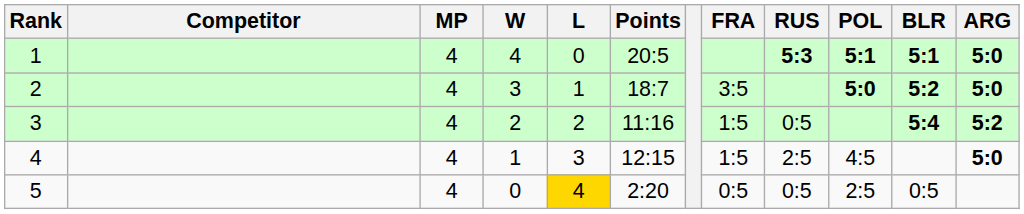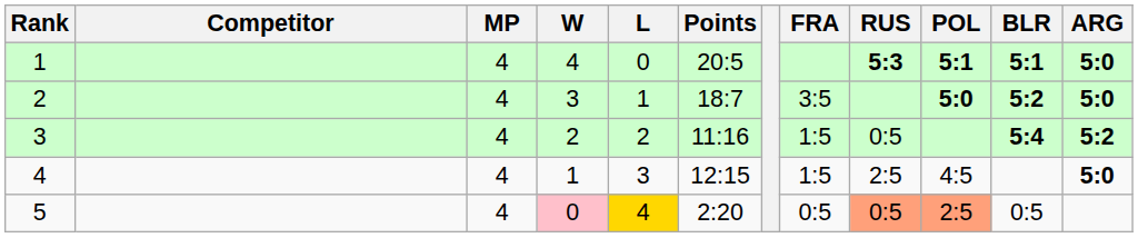 <table class="wikitable" style="text-align:center">
 <tr>
 <th>Rank</th>
 <th style="width:16em">Competitor</th>
 <th style="width:2.5em">MP</th>
 <th style="width:2.5em">W</th>
 <th style="width:2.5em">L</th>
 <th>Points</th>
 <th rowspan="6"> </th>
 <th style="width:2.5em">FRA</th>
 <th style="width:2.5em">RUS</th>
 <th style="width:2.5em">POL</th>
 <th style="width:2.5em">BLR</th>
 <th style="width:2.5em">ARG</th>
 </tr>
 <tr style="background:#cfc;">
 <td>1</td>
 <td style="text-align:left"></td>
 <td>4</td>
 <td>4</td>
 <td>0</td>
 <td>20:5</td>
 <td></td>
 <td><strong>5:3</strong></td>
 <td><strong>5:1</strong></td>
 <td><strong>5:1</strong></td>
 <td><strong>5:0</strong></td>
 </tr>
 <tr style="background:#cfc;">
 <td>2</td>
 <td style="text-align:left"></td>
 <td>4</td>
 <td>3</td>
 <td>1</td>
 <td>18:7</td>
 <td>3:5</td>
 <td></td>
 <td><strong>5:0</strong></td>
 <td><strong>5:2</strong></td>
 <td><strong>5:0</strong></td>
 </tr>
 <tr style="background:#cfc;">
 <td>3</td>
 <td style="text-align:left"></td>
 <td>4</td>
 <td>2</td>
 <td>2</td>
 <td>11:16</td>
 <td>1:5</td>
 <td>0:5</td>
 <td></td>
 <td><strong>5:4</strong></td>
 <td><strong>5:2</strong></td>
 </tr>
 <tr>
 <td>4</td>
 <td style="text-align:left"></td>
 <td>4</td>
 <td>1</td>
 <td>3</td>
 <td>12:15</td>
 <td>1:5</td>
 <td>2:5</td>
 <td>4:5</td>
 <td></td>
 <td><strong>5:0</strong></td>
 </tr>
 <tr>
 <td>5</td>
 <td style="text-align:left"></td>
 <td>4</td>
-<td>0</td>
+<td style="background: pink;">0</td>
 <td style="background: gold;">4</td>
 <td>2:20</td>
 <td>0:5</td>
-<td>0:5</td>
-<td>2:5</td>
+<td style="background: lightsalmon;">0:5</td>
+<td style="background: lightsalmon;">2:5</td>
 <td>0:5</td>
 <td></td>
 </tr>
 </table>
